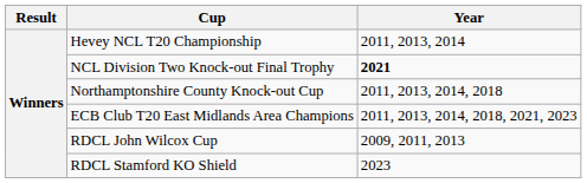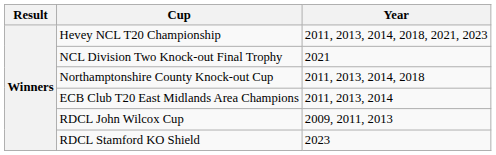 <table class="wikitable" style="font-size:85%">
 <tr>
 <th scope="col">Result</th>
 <th scope="col">Cup</th>
 <th scope="col">Year</th>
 </tr>
 <tr>
 <th scope="row" rowspan=6>Winners</th>
 <td>Hevey NCL T20 Championship</td>
-<td>2011, 2013, 2014</td>
+<td>2011, 2013, 2014, 2018, 2021, 2023</td>
 </tr>
 <tr>
 <td>NCL Division Two Knock-out Final Trophy</td>
-<td><strong>2021</strong></td>
+<td>2021</td>
 </tr>
 <tr>
 <td>Northamptonshire County Knock-out Cup</td>
 <td>2011, 2013, 2014, 2018</td>
 </tr>
 <tr>
 <td>ECB Club T20 East Midlands Area Champions</td>
-<td>2011, 2013, 2014, 2018, 2021, 2023</td>
+<td>2011, 2013, 2014</td>
 </tr>
 <tr>
 <td>RDCL John Wilcox Cup</td>
 <td>2009, 2011, 2013</td>
 </tr>
 <tr>
 <td>RDCL Stamford KO Shield</td>
 <td>2023</td>
 </tr>
 </table>
